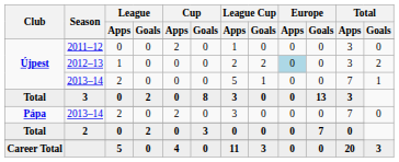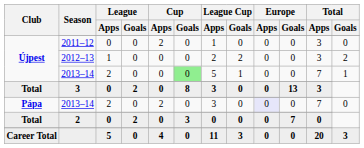 <table class="wikitable" style="font-size:90%; text-align: center;">
 <tr>
 <th rowspan="2">Club</th>
 <th rowspan="2">Season</th>
 <th colspan="2">League</th>
 <th colspan="2">Cup</th>
 <th colspan="2">League Cup</th>
 <th colspan="2">Europe</th>
 <th colspan="2">Total</th>
 </tr>
 <tr>
 <th>Apps</th>
 <th>Goals</th>
 <th>Apps</th>
 <th>Goals</th>
 <th>Apps</th>
 <th>Goals</th>
 <th>Apps</th>
 <th>Goals</th>
 <th>Apps</th>
 <th>Goals</th>
 </tr>
 <tr ||-||-||-|->
 <td rowspan="5" valign="center"><strong><a href='#'>Újpest</a></strong></td>
 </tr>
 <tr>
 <td><a href='#'>2011–12</a></td>
 <td>0</td>
 <td>0</td>
 <td>2</td>
 <td>0</td>
 <td>1</td>
 <td>0</td>
 <td>0</td>
 <td>0</td>
 <td>3</td>
 <td>0</td>
 </tr>
 <tr>
 <td><a href='#'>2012–13</a></td>
 <td>1</td>
 <td>0</td>
 <td>0</td>
 <td>0</td>
 <td>2</td>
 <td>2</td>
-<td style="background: lightblue;">0</td>
+<td>0</td>
 <td>0</td>
 <td>3</td>
 <td>2</td>
 </tr>
 <tr>
 <td><a href='#'>2013–14</a></td>
 <td>2</td>
 <td>0</td>
 <td>0</td>
-<td>0</td>
+<td style="background: lightgreen;">0</td>
 <td>5</td>
 <td>1</td>
 <td>0</td>
 <td>0</td>
 <td>7</td>
 <td>1</td>
 </tr>
 <tr>
 </tr>
 <tr style="font-weight:bold; background-color:#eeeeee;">
 <td>Total</td>
 <td>3</td>
 <td>0</td>
 <td>2</td>
 <td>0</td>
 <td>8</td>
 <td>3</td>
 <td>0</td>
 <td>0</td>
 <td>13</td>
 <td>3</td>
 </tr>
 <tr>
 <td rowspan="3" valign="center"><strong><a href='#'>Pápa</a></strong></td>
 </tr>
 <tr>
 <td><a href='#'>2013–14</a></td>
 <td>2</td>
 <td>0</td>
 <td>2</td>
 <td>0</td>
 <td>3</td>
 <td>0</td>
-<td>0</td>
+<td style="background: lavender;">0</td>
 <td>0</td>
 <td>7</td>
 <td>0</td>
 </tr>
 <tr>
 </tr>
 <tr style="font-weight:bold; background-color:#eeeeee;">
 <td>Total</td>
 <td>2</td>
 <td>0</td>
 <td>2</td>
 <td>0</td>
 <td>3</td>
 <td>0</td>
 <td>0</td>
 <td>0</td>
 <td>7</td>
 <td>0</td>
 </tr>
 <tr>
 </tr>
 <tr style="font-weight:bold; background-color:#eeeeee;">
 <td rowspan="2" valign="top"><strong>Career Total</strong></td>
 <td></td>
 <td><strong>5</strong></td>
 <td><strong>0</strong></td>
 <td><strong>4</strong></td>
 <td><strong>0</strong></td>
 <td><strong>11</strong></td>
 <td><strong>3</strong></td>
 <td><strong>0</strong></td>
 <td><strong>0</strong></td>
 <td><strong>20</strong></td>
 <td><strong>3</strong></td>
 </tr>
 </table>
